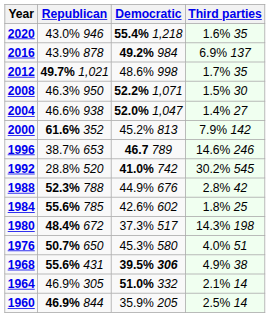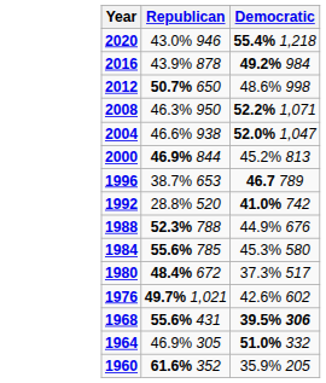 <table class="wikitable" style="float:right; font-size:95%;">
 <tr bgcolor=lightgrey>
 <th>Year</th>
 <th><a href='#'>Republican</a></th>
 <th><a href='#'>Democratic</a></th>
-<th><a href='#'>Third parties</a></th>
 </tr>
 <tr>
 <td style="text-align:center;" ><strong><a href='#'>2020</a></strong></td>
 <td style="text-align:center;" >43.0% <em>946</em></td>
 <td style="text-align:center;" ><strong>55.4%</strong> <em>1,218</em></td>
-<td style="text-align:center; background:honeyDew;">1.6% <em>35</em></td>
 </tr>
 <tr>
 <td style="text-align:center;" ><strong><a href='#'>2016</a></strong></td>
 <td style="text-align:center;" >43.9% <em>878</em></td>
 <td style="text-align:center;" ><strong>49.2%</strong> <em>984</em></td>
-<td style="text-align:center; background:honeyDew;">6.9% <em>137</em></td>
 </tr>
 <tr>
 <td style="text-align:center;" ><strong><a href='#'>2012</a></strong></td>
-<td style="text-align:center;" ><strong>49.7%</strong> <em>1,021</em></td>
+<td style="text-align:center;" ><strong>50.7%</strong> <em>650</em></td>
 <td style="text-align:center;" >48.6% <em>998</em></td>
-<td style="text-align:center; background:honeyDew;">1.7% <em>35</em></td>
 </tr>
 <tr>
 <td style="text-align:center;" ><strong><a href='#'>2008</a></strong></td>
 <td style="text-align:center;" >46.3% <em>950</em></td>
 <td style="text-align:center;" ><strong>52.2%</strong> <em>1,071</em></td>
-<td style="text-align:center; background:honeyDew;">1.5% <em>30</em></td>
 </tr>
 <tr>
 <td style="text-align:center;" ><strong><a href='#'>2004</a></strong></td>
 <td style="text-align:center;" >46.6% <em>938</em></td>
 <td style="text-align:center;" ><strong>52.0%</strong> <em>1,047</em></td>
-<td style="text-align:center; background:honeyDew;">1.4% <em>27</em></td>
 </tr>
 <tr>
 <td style="text-align:center;" ><strong><a href='#'>2000</a></strong></td>
-<td style="text-align:center;" ><strong>61.6%</strong> <em>352</em></td>
+<td style="text-align:center;" ><strong>46.9%</strong> <em>844</em></td>
 <td style="text-align:center;" >45.2% <em>813</em></td>
-<td style="text-align:center; background:honeyDew;">7.9% <em>142</em></td>
 </tr>
 <tr>
 <td style="text-align:center;" ><strong><a href='#'>1996</a></strong></td>
 <td style="text-align:center;" >38.7% <em>653</em></td>
 <td style="text-align:center;" ><strong>46.7</strong> <em>789</em></td>
-<td style="text-align:center; background:honeyDew;">14.6% <em>246</em></td>
 </tr>
 <tr>
 <td style="text-align:center;" ><strong><a href='#'>1992</a></strong></td>
 <td style="text-align:center;" >28.8% <em>520</em></td>
 <td style="text-align:center;" ><strong>41.0%</strong> <em>742</em></td>
-<td style="text-align:center; background:honeyDew;">30.2% <em>545</em></td>
 </tr>
 <tr>
 <td style="text-align:center;" ><strong><a href='#'>1988</a></strong></td>
 <td style="text-align:center;" ><strong>52.3%</strong> <em>788</em></td>
 <td style="text-align:center;" >44.9% <em>676</em></td>
-<td style="text-align:center; background:honeyDew;">2.8% <em>42</em></td>
 </tr>
 <tr>
 <td style="text-align:center;" ><strong><a href='#'>1984</a></strong></td>
 <td style="text-align:center;" ><strong>55.6%</strong> <em>785</em></td>
-<td style="text-align:center;" >42.6% <em>602</em></td>
-<td style="text-align:center; background:honeyDew;">1.8% <em>25</em></td>
+<td style="text-align:center;" >45.3% <em>580</em></td>
 </tr>
 <tr>
 <td style="text-align:center;" ><strong><a href='#'>1980</a></strong></td>
 <td style="text-align:center;" ><strong>48.4%</strong> <em>672</em></td>
 <td style="text-align:center;" >37.3% <em>517</em></td>
-<td style="text-align:center; background:honeyDew;">14.3% <em>198</em></td>
 </tr>
 <tr>
 <td style="text-align:center;" ><strong><a href='#'>1976</a></strong></td>
-<td style="text-align:center;" ><strong>50.7%</strong> <em>650</em></td>
-<td style="text-align:center;" >45.3% <em>580</em></td>
-<td style="text-align:center; background:honeyDew;">4.0% <em>51</em></td>
+<td style="text-align:center;" ><strong>49.7%</strong> <em>1,021</em></td>
+<td style="text-align:center;" >42.6% <em>602</em></td>
 </tr>
 <tr>
 <td style="text-align:center;" ><strong><a href='#'>1968</a></strong></td>
 <td style="text-align:center;" ><strong>55.6%</strong> <em>431</em></td>
 <td style="text-align:center;" ><strong>39.5% <em>306</em></strong></td>
-<td style="text-align:center; background:honeyDew;">4.9% <em>38</em></td>
 </tr>
 <tr>
 <td style="text-align:center;" ><strong><a href='#'>1964</a></strong></td>
 <td style="text-align:center;" >46.9% <em>305</em></td>
 <td style="text-align:center;" ><strong>51.0%</strong> <em>332</em></td>
-<td style="text-align:center; background:honeyDew;">2.1% <em>14</em></td>
 </tr>
 <tr>
 <td style="text-align:center;" ><strong><a href='#'>1960</a></strong></td>
-<td style="text-align:center;" ><strong>46.9%</strong> <em>844</em></td>
+<td style="text-align:center;" ><strong>61.6%</strong> <em>352</em></td>
 <td style="text-align:center;" >35.9% <em>205</em></td>
-<td style="text-align:center; background:honeyDew;">2.5% <em>14</em></td>
 </tr>
 </table>
